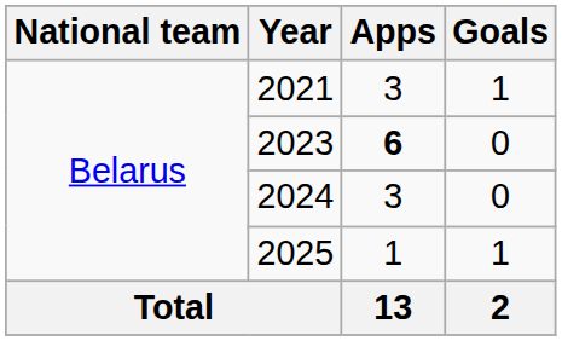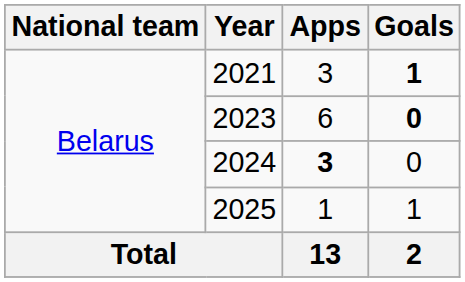 <table class=wikitable style=text-align:center>
 <tr>
 <th>National team</th>
 <th>Year</th>
 <th>Apps</th>
 <th>Goals</th>
 </tr>
 <tr>
 <td rowspan="4"><a href='#'>Belarus</a></td>
 <td>2021</td>
 <td>3</td>
-<td>1</td>
+<td><strong>1</strong></td>
 </tr>
 <tr>
 <td>2023</td>
-<td><strong>6</strong></td>
-<td>0</td>
+<td>6</td>
+<td><strong>0</strong></td>
 </tr>
 <tr>
 <td>2024</td>
-<td>3</td>
+<td><strong>3</strong></td>
 <td>0</td>
 </tr>
 <tr>
 <td>2025</td>
 <td>1</td>
 <td>1</td>
 </tr>
 <tr>
 <th colspan="2">Total</th>
 <th>13</th>
 <th>2</th>
 </tr>
 </table>
